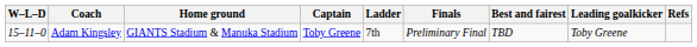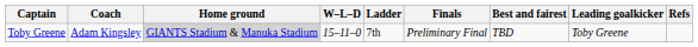 <table class="wikitable" style="font-size:90%;">
 <tr>
-<th>W–L–D</th>
+<th>Captain</th>
 <th>Coach</th>
 <th>Home ground</th>
-<th>Captain</th>
+<th>W–L–D</th>
 <th>Ladder</th>
 <th>Finals</th>
 <th>Best and fairest</th>
 <th>Leading goalkicker</th>
 <th>Refs</th>
 </tr>
 <tr>
+<td><a href='#'>Toby Greene</a></td>
+<td><a href='#'>Adam Kingsley</a></td>
+<td style="background: lightgrey;"><a href='#'>GIANTS Stadium</a> & <a href='#'>Manuka Stadium</a></td>
 <td><em>15–11–0</em></td>
-<td><a href='#'>Adam Kingsley</a></td>
-<td><a href='#'>GIANTS Stadium</a> & <a href='#'>Manuka Stadium</a></td>
-<td><a href='#'>Toby Greene</a></td>
 <td>7th</td>
 <td><em>Preliminary Final</em></td>
 <td><em>TBD</em></td>
 <td><em>Toby Greene</em></td>
 <td style="text-align:center;"></td>
 </tr>
 </table>
